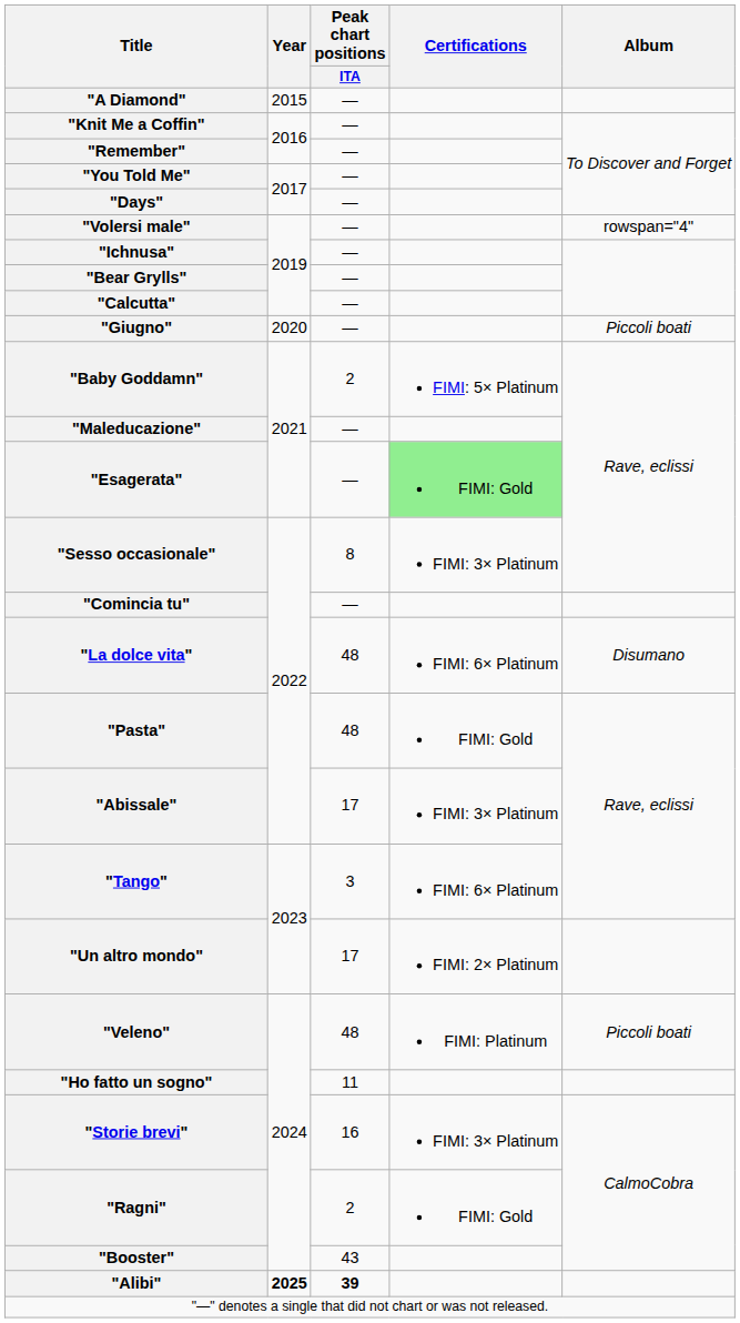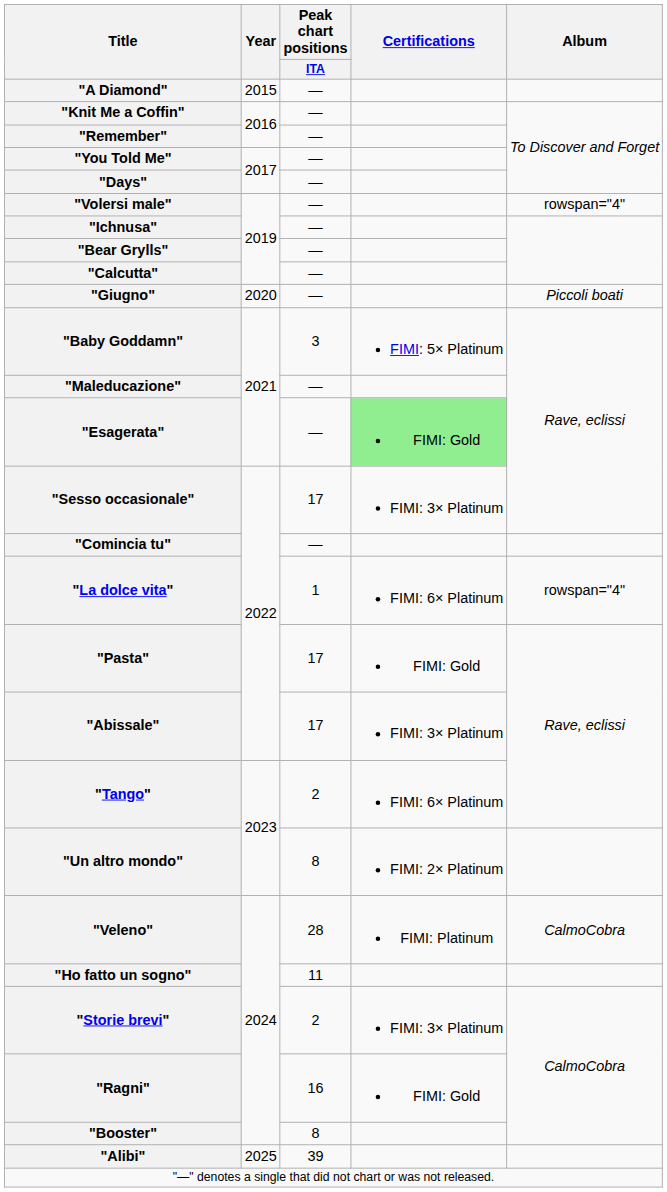 <table class="wikitable plainrowheaders" style="text-align:center;">
 <tr>
 <th scope="col" rowspan="2" style="width:16em;">Title</th>
 <th scope="col" rowspan="2" style="width:1em;">Year</th>
 <th scope="col">Peak chart positions</th>
 <th scope="col" rowspan="2"><a href='#'>Certifications</a></th>
 <th scope="col" rowspan="2">Album</th>
 </tr>
 <tr>
 <th scope="col" style="width:3em;font-size:85%;"><a href='#'>ITA</a><br></th>
 </tr>
 <tr>
 <th scope="row">"A Diamond" </th>
 <td>2015</td>
 <td>—</td>
 <td></td>
 <td></td>
 </tr>
 <tr>
 <th scope="row">"Knit Me a Coffin" </th>
 <td rowspan="2">2016</td>
 <td>—</td>
 <td></td>
 <td rowspan="4"><em>To Discover and Forget</em></td>
 </tr>
 <tr>
 <th scope="row">"Remember" </th>
 <td>—</td>
 <td></td>
 </tr>
 <tr>
 <th scope="row">"You Told Me"</th>
 <td rowspan="2">2017</td>
 <td>—</td>
 <td></td>
 </tr>
 <tr>
 <th scope="row">"Days" </th>
 <td>—</td>
 <td></td>
 </tr>
 <tr>
 <th scope="row">"Volersi male"</th>
 <td rowspan="4">2019</td>
 <td>—</td>
 <td></td>
 <td>rowspan="4" </td>
 </tr>
 <tr>
 <th scope="row">"Ichnusa"</th>
 <td>—</td>
 <td></td>
 </tr>
 <tr>
 <th scope="row">"Bear Grylls"</th>
 <td>—</td>
 <td></td>
 </tr>
 <tr>
 <th scope="row">"Calcutta"</th>
 <td>—</td>
 <td></td>
 </tr>
 <tr>
 <th scope="row">"Giugno"</th>
 <td>2020</td>
 <td>—</td>
 <td></td>
 <td><em>Piccoli boati</em></td>
 </tr>
 <tr>
 <th scope="row">"Baby Goddamn"</th>
 <td rowspan="3">2021</td>
-<td>2</td>
+<td>3</td>
 <td><br><ul><li><a href='#'>FIMI</a>: 5× Platinum</li></ul></td>
 <td rowspan="4"><em>Rave, eclissi</em></td>
 </tr>
 <tr>
 <th scope="row">"Maleducazione"</th>
 <td>—</td>
 <td></td>
 </tr>
 <tr>
 <th scope="row">"Esagerata"</th>
 <td>—</td>
 <td style="background: lightgreen;"><br><ul><li>FIMI: Gold</li></ul></td>
 </tr>
 <tr>
 <th scope="row">"Sesso occasionale"</th>
 <td rowspan="5">2022</td>
-<td>8</td>
+<td>17</td>
 <td><br><ul><li>FIMI: 3× Platinum</li></ul></td>
 </tr>
 <tr>
 <th scope="row">"Comincia tu" </th>
 <td>—</td>
 <td></td>
 <td></td>
 </tr>
 <tr>
 <th scope="row">"<a href='#'>La dolce vita</a>"<br></th>
-<td>48</td>
+<td>1</td>
 <td><br><ul><li>FIMI: 6× Platinum</li></ul></td>
-<td><em>Disumano</em></td>
+<td>rowspan="4" </td>
 </tr>
 <tr>
 <th scope="row">"Pasta"</th>
-<td>48</td>
+<td>17</td>
 <td><br><ul><li>FIMI: Gold</li></ul></td>
 <td rowspan="3"><em>Rave, eclissi</em></td>
 </tr>
 <tr>
 <th scope="row">"Abissale"</th>
 <td>17</td>
 <td><br><ul><li>FIMI: 3× Platinum</li></ul></td>
 </tr>
 <tr>
 <th scope="row">"<a href='#'>Tango</a>"</th>
 <td rowspan="2">2023</td>
-<td>3</td>
+<td>2</td>
 <td><br><ul><li>FIMI: 6× Platinum</li></ul></td>
 </tr>
 <tr>
 <th scope="row">"Un altro mondo"<br></th>
-<td>17</td>
+<td>8</td>
 <td><br><ul><li>FIMI: 2× Platinum</li></ul></td>
 <td></td>
 </tr>
 <tr>
 <th scope="row">"Veleno"</th>
 <td rowspan="5">2024</td>
-<td>48</td>
+<td>28</td>
 <td><br><ul><li>FIMI: Platinum</li></ul></td>
-<td><em>Piccoli boati</em></td>
+<td><em>CalmoCobra</em></td>
 </tr>
 <tr>
 <th scope="row">"Ho fatto un sogno"<br></th>
 <td>11</td>
 <td></td>
 <td></td>
 </tr>
 <tr>
 <th scope="row">"<a href='#'>Storie brevi</a>"<br></th>
-<td>16</td>
+<td>2</td>
 <td><br><ul><li>FIMI: 3× Platinum</li></ul></td>
 <td rowspan="3"><em>CalmoCobra</em></td>
 </tr>
 <tr>
 <th scope="row">"Ragni"</th>
-<td>2</td>
+<td>16</td>
 <td><br><ul><li>FIMI: Gold</li></ul></td>
 </tr>
 <tr>
 <th scope="row">"Booster"</th>
-<td>43<br></td>
+<td>8</td>
 <td></td>
 </tr>
 <tr>
 <th scope="row">"Alibi"</th>
-<td><strong>2025</strong></td>
-<td><strong>39<br></strong></td>
+<td>2025</td>
+<td>39<br></td>
 <td></td>
 <td></td>
 </tr>
 <tr>
 <td colspan="5" style="text-align:center; font-size:85%;">"—" denotes a single that did not chart or was not released.</td>
 </tr>
 </table>
